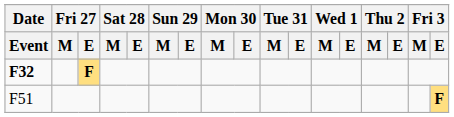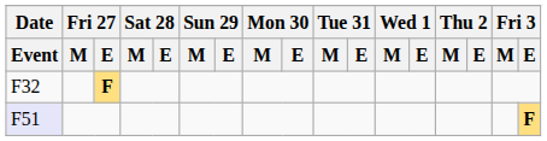 <table class="wikitable" style="margin:0.5em auto; font-size:90%; line-height:1.25em;">
 <tr align="center">
 </tr>
 <tr>
 <th>Date</th>
 <th colspan="2">Fri 27</th>
 <th colspan="2">Sat 28</th>
 <th colspan="2">Sun 29</th>
 <th colspan="2">Mon 30</th>
 <th colspan="2">Tue 31</th>
 <th colspan="2">Wed 1</th>
 <th colspan="2">Thu 2</th>
 <th colspan="2">Fri 3</th>
 </tr>
 <tr>
 <th>Event</th>
 <th>M</th>
 <th>E</th>
 <th>M</th>
 <th>E</th>
 <th>M</th>
 <th>E</th>
 <th>M</th>
 <th>E</th>
 <th>M</th>
 <th>E</th>
 <th>M</th>
 <th>E</th>
 <th>M</th>
 <th>E</th>
 <th>M</th>
 <th>E</th>
 </tr>
 <tr align="center">
-<td align="left"><strong>F32</strong></td>
+<td align="left">F32</td>
 <td></td>
 <td bgcolor="#FFDF80"><strong>F</strong></td>
 <td colspan="2"></td>
 <td colspan="2"></td>
 <td colspan="2"></td>
 <td colspan="2"></td>
 <td colspan="2"></td>
 <td colspan="2"></td>
 <td colspan="2"></td>
 </tr>
 <tr align="center">
-<td align="left">F51</td>
+<td align="left" style="background: lavender;">F51</td>
 <td colspan="2"></td>
 <td colspan="2"></td>
 <td colspan="2"></td>
 <td colspan="2"></td>
 <td colspan="2"></td>
 <td colspan="2"></td>
 <td colspan="2"></td>
 <td></td>
 <td bgcolor="#FFDF80"><strong>F</strong></td>
 </tr>
 </table>
